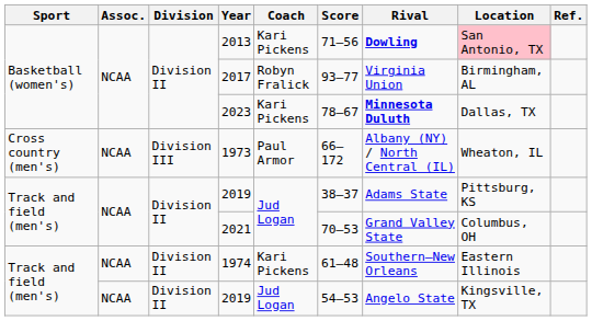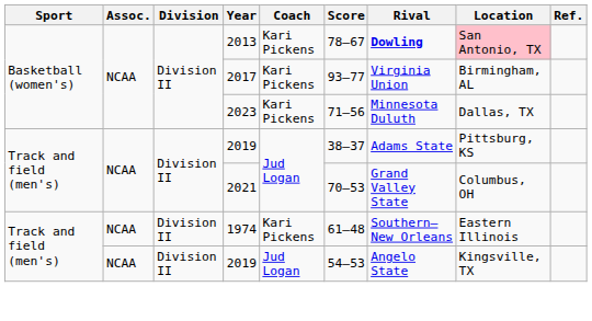 <table class="wikitable">
 <tr>
 <th>Sport</th>
 <th>Assoc.</th>
 <th>Division</th>
 <th>Year</th>
 <th>Coach</th>
 <th>Score</th>
 <th>Rival</th>
 <th>Location</th>
 <th>Ref.</th>
 </tr>
 <tr>
 <td rowspan="3">Basketball (women's)</td>
 <td rowspan="3">NCAA</td>
 <td rowspan="3">Division II</td>
 <td>2013</td>
 <td>Kari Pickens</td>
-<td>71–56</td>
+<td>78–67</td>
 <td><strong><a href='#'>Dowling</a></strong></td>
 <td style="background: pink;">San Antonio, TX</td>
 <td></td>
 </tr>
 <tr>
 <td>2017</td>
-<td>Robyn Fralick</td>
+<td>Kari Pickens</td>
 <td>93–77</td>
 <td><a href='#'>Virginia Union</a></td>
 <td>Birmingham, AL</td>
 <td></td>
 </tr>
 <tr>
 <td>2023</td>
 <td>Kari Pickens</td>
-<td>78–67</td>
-<td><strong><a href='#'>Minnesota Duluth</a></strong></td>
+<td>71–56</td>
+<td><a href='#'>Minnesota Duluth</a></td>
 <td>Dallas, TX</td>
-<td></td>
-</tr>
-<tr>
-<td>Cross country (men's)</td>
-<td>NCAA</td>
-<td>Division III</td>
-<td>1973</td>
-<td>Paul Armor</td>
-<td>66–172</td>
-<td><a href='#'>Albany (NY)</a> / <a href='#'>North Central (IL)</a></td>
-<td>Wheaton, IL</td>
 <td></td>
 </tr>
 <tr>
 <td rowspan="2">Track and field (men's) </td>
 <td rowspan="2">NCAA</td>
 <td rowspan="2">Division II</td>
 <td>2019</td>
 <td rowspan="2"><a href='#'>Jud Logan</a></td>
 <td>38–37</td>
 <td><a href='#'>Adams State</a></td>
 <td>Pittsburg, KS</td>
 <td></td>
 </tr>
 <tr>
 <td>2021</td>
 <td>70–53</td>
 <td><a href='#'>Grand Valley State</a></td>
 <td>Columbus, OH</td>
 </tr>
 <tr>
 <td rowspan="2">Track and field (men's)</td>
 <td>NCAA</td>
 <td>Division II</td>
 <td>1974</td>
 <td>Kari Pickens</td>
 <td>61–48</td>
 <td><a href='#'>Southern–New Orleans</a></td>
 <td>Eastern Illinois</td>
 <td></td>
 </tr>
 <tr>
 <td>NCAA</td>
 <td>Division II</td>
 <td>2019</td>
 <td><a href='#'>Jud Logan</a></td>
 <td>54–53</td>
 <td><a href='#'>Angelo State</a></td>
 <td>Kingsville, TX</td>
 <td></td>
 </tr>
 </table>
